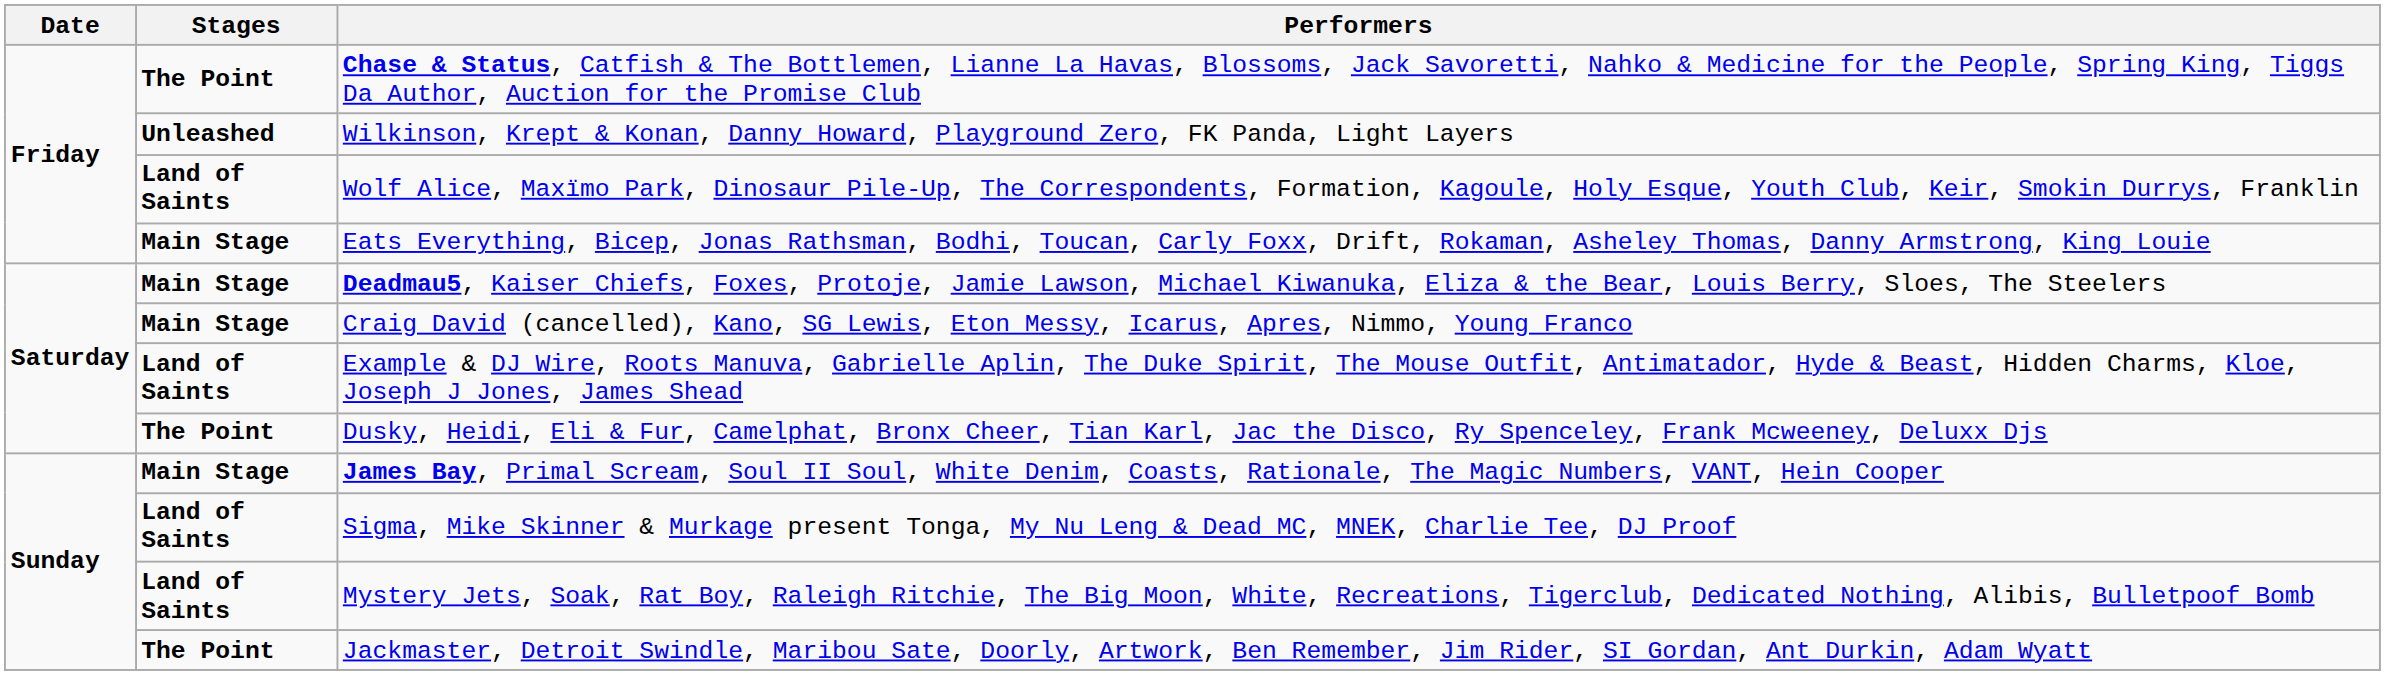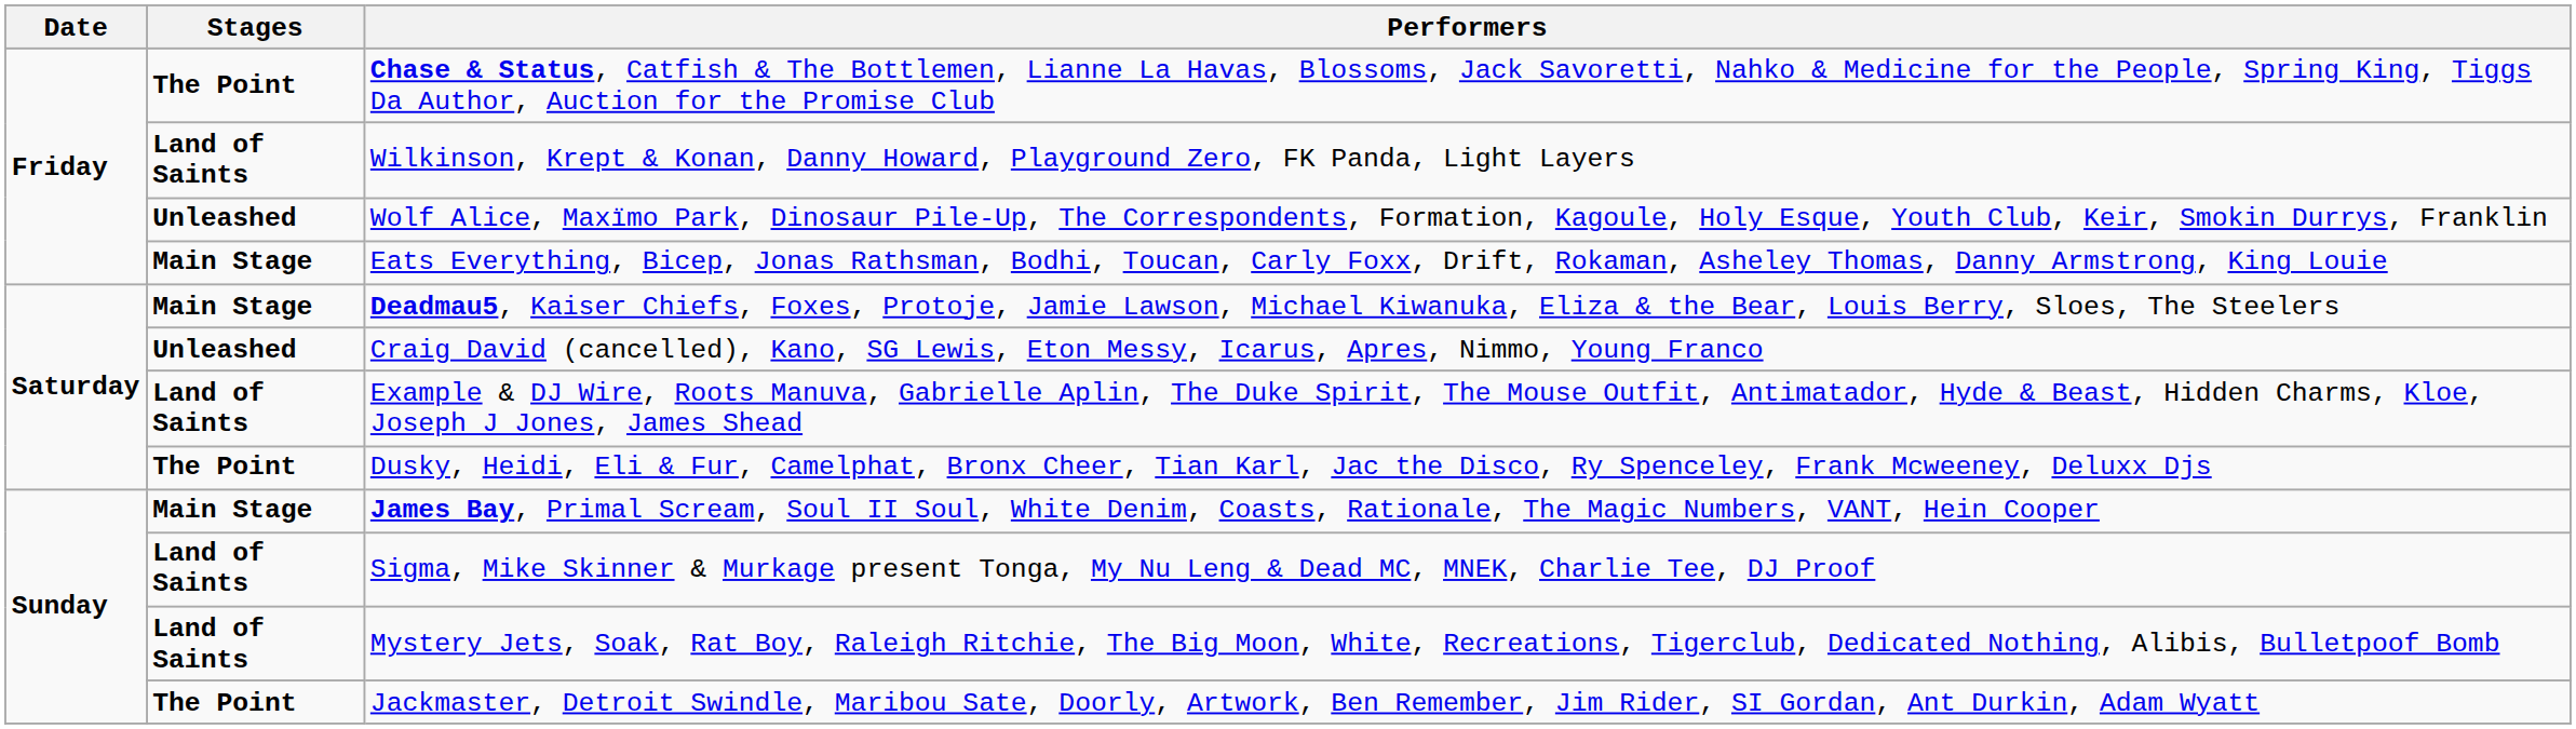 <table class="wikitable">
 <tr>
 <th><strong>Date</strong></th>
 <th><strong>Stages</strong></th>
 <th><strong>Performers</strong></th>
 </tr>
 <tr>
 <td rowspan="4"><strong>Friday</strong></td>
 <td><strong>The Point</strong></td>
 <td><strong><a href='#'>Chase & Status</a></strong>, <a href='#'>Catfish & The Bottlemen</a>, <a href='#'>Lianne La Havas</a>, <a href='#'>Blossoms</a>, <a href='#'>Jack Savoretti</a>, <a href='#'>Nahko & Medicine for the People</a>, <a href='#'>Spring King</a>, <a href='#'>Tiggs Da Author</a>, <a href='#'>Auction for the Promise Club</a></td>
 </tr>
 <tr>
-<td><strong>Unleashed</strong></td>
+<td><strong>Land of Saints</strong></td>
 <td><a href='#'>Wilkinson</a>, <a href='#'>Krept & Konan</a>, <a href='#'>Danny Howard</a>, <a href='#'>Playground Zero</a>, FK Panda, Light Layers</td>
 </tr>
 <tr>
-<td><strong>Land of Saints</strong></td>
+<td><strong>Unleashed</strong></td>
 <td><a href='#'>Wolf Alice</a>, <a href='#'>Maxïmo Park</a>, <a href='#'>Dinosaur Pile-Up</a>, <a href='#'>The Correspondents</a>, Formation, <a href='#'>Kagoule</a>, <a href='#'>Holy Esque</a>, <a href='#'>Youth Club</a>, <a href='#'>Keir</a>, <a href='#'>Smokin Durrys</a>, Franklin</td>
 </tr>
 <tr>
 <td><strong>Main Stage</strong></td>
 <td><a href='#'>Eats Everything</a>, <a href='#'>Bicep</a>, <a href='#'>Jonas Rathsman</a>, <a href='#'>Bodhi</a>, <a href='#'>Toucan</a>, <a href='#'>Carly Foxx</a>, Drift, <a href='#'>Rokaman</a>, <a href='#'>Asheley Thomas</a>, <a href='#'>Danny Armstrong</a>, <a href='#'>King Louie</a></td>
 </tr>
 <tr>
 <td rowspan="4"><strong>Saturday</strong></td>
 <td><strong>Main Stage</strong></td>
 <td><strong><a href='#'>Deadmau5</a></strong>, <a href='#'>Kaiser Chiefs</a>, <a href='#'>Foxes</a>, <a href='#'>Protoje</a>, <a href='#'>Jamie Lawson</a>, <a href='#'>Michael Kiwanuka</a>, <a href='#'>Eliza & the Bear</a>, <a href='#'>Louis Berry</a>, Sloes, The Steelers</td>
 </tr>
 <tr>
-<td><strong>Main Stage</strong></td>
+<td><strong>Unleashed</strong></td>
 <td><a href='#'>Craig David</a> (cancelled), <a href='#'>Kano</a>, <a href='#'>SG Lewis</a>, <a href='#'>Eton Messy</a>, <a href='#'>Icarus</a>, <a href='#'>Apres</a>, Nimmo, <a href='#'>Young Franco</a></td>
 </tr>
 <tr>
 <td><strong>Land of Saints</strong></td>
 <td><a href='#'>Example</a> & <a href='#'>DJ Wire</a>, <a href='#'>Roots Manuva</a>, <a href='#'>Gabrielle Aplin</a>, <a href='#'>The Duke Spirit</a>, <a href='#'>The Mouse Outfit</a>, <a href='#'>Antimatador</a>, <a href='#'>Hyde & Beast</a>, Hidden Charms, <a href='#'>Kloe</a>, <a href='#'>Joseph J Jones</a>, <a href='#'>James Shead</a></td>
 </tr>
 <tr>
 <td><strong>The Point</strong></td>
 <td><a href='#'>Dusky</a>, <a href='#'>Heidi</a>, <a href='#'>Eli & Fur</a>, <a href='#'>Camelphat</a>, <a href='#'>Bronx Cheer</a>, <a href='#'>Tian Karl</a>, <a href='#'>Jac the Disco</a>, <a href='#'>Ry Spenceley</a>, <a href='#'>Frank Mcweeney</a>, <a href='#'>Deluxx Djs</a></td>
 </tr>
 <tr>
 <td rowspan="4"><strong>Sunday</strong></td>
 <td><strong>Main Stage</strong></td>
 <td><strong><a href='#'>James Bay</a></strong>, <a href='#'>Primal Scream</a>, <a href='#'>Soul II Soul</a>, <a href='#'>White Denim</a>, <a href='#'>Coasts</a>, <a href='#'>Rationale</a>, <a href='#'>The Magic Numbers</a>, <a href='#'>VANT</a>, <a href='#'>Hein Cooper</a></td>
 </tr>
 <tr>
 <td><strong>Land of Saints</strong></td>
 <td><a href='#'>Sigma</a>, <a href='#'>Mike Skinner</a> & <a href='#'>Murkage</a> present Tonga, <a href='#'>My Nu Leng & Dead MC</a>, <a href='#'>MNEK</a>, <a href='#'>Charlie Tee</a>, <a href='#'>DJ Proof</a></td>
 </tr>
 <tr>
 <td><strong>Land of Saints</strong></td>
 <td><a href='#'>Mystery Jets</a>, <a href='#'>Soak</a>, <a href='#'>Rat Boy</a>, <a href='#'>Raleigh Ritchie</a>, <a href='#'>The Big Moon</a>, <a href='#'>White</a>, <a href='#'>Recreations</a>, <a href='#'>Tigerclub</a>, <a href='#'>Dedicated Nothing</a>, Alibis, <a href='#'>Bulletpoof Bomb</a></td>
 </tr>
 <tr>
 <td><strong>The Point</strong></td>
 <td><a href='#'>Jackmaster</a>, <a href='#'>Detroit Swindle</a>, <a href='#'>Maribou Sate</a>, <a href='#'>Doorly</a>, <a href='#'>Artwork</a>, <a href='#'>Ben Remember</a>, <a href='#'>Jim Rider</a>, <a href='#'>SI Gordan</a>, <a href='#'>Ant Durkin</a>, <a href='#'>Adam Wyatt</a></td>
 </tr>
 </table>
